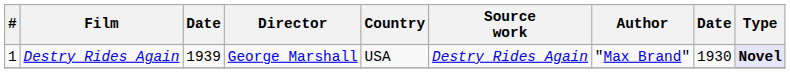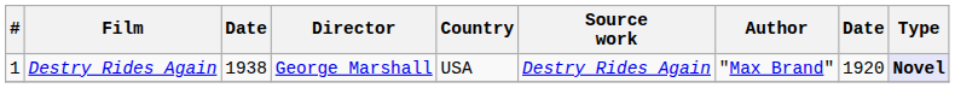 <table class="wikitable">
 <tr>
 <th>#</th>
 <th>Film</th>
 <th>Date</th>
 <th>Director</th>
 <th>Country</th>
 <th>Source<br>work</th>
 <th>Author</th>
 <th>Date</th>
 <th>Type</th>
 </tr>
 <tr>
 <td>1</td>
 <td><em><a href='#'>Destry Rides Again</a></em></td>
-<td>1939</td>
+<td>1938</td>
 <td><a href='#'>George Marshall</a></td>
 <td>USA</td>
 <td><em><a href='#'>Destry Rides Again</a></em></td>
 <td>"<a href='#'>Max Brand</a>"</td>
-<td>1930</td>
+<td>1920</td>
 <td style="background: lavender;"><strong>Novel</strong></td>
 </tr>
 <tr>
 </tr>
 </table>
